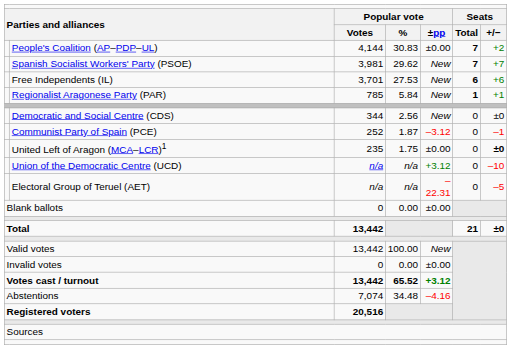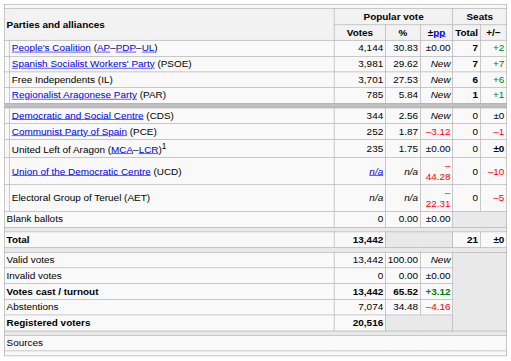 <table class="wikitable" style="text-align:right;">
 <tr>
 <td colspan="7"></td>
 </tr>
 <tr>
 <th style="text-align:left;" rowspan="2" colspan="2" width="525">Parties and alliances</th>
 <th colspan="3">Popular vote</th>
 <th colspan="2">Seats</th>
 </tr>
 <tr>
 <th width="75">Votes</th>
 <th width="45">%</th>
 <th width="45">±<a href='#'>pp</a></th>
 <th width="35">Total</th>
 <th width="35">+/−</th>
 </tr>
 <tr>
 <td width="1" style="color:inherit;background:"></td>
 <td align="left"><a href='#'>People's Coalition</a> (<a href='#'>AP</a>–<a href='#'>PDP</a>–<a href='#'>UL</a>)</td>
 <td>4,144</td>
 <td>30.83</td>
 <td>±0.00</td>
 <td><strong>7</strong></td>
 <td style="color:green;">+2</td>
 </tr>
 <tr>
 <td style="color:inherit;background:"></td>
 <td align="left"><a href='#'>Spanish Socialist Workers' Party</a> (PSOE)</td>
 <td>3,981</td>
 <td>29.62</td>
 <td><em>New</em></td>
 <td><strong>7</strong></td>
 <td style="color:green;">+7</td>
 </tr>
 <tr>
 <td style="color:inherit;background:"></td>
 <td align="left">Free Independents (IL)</td>
 <td>3,701</td>
 <td>27.53</td>
 <td><em>New</em></td>
 <td><strong>6</strong></td>
 <td style="color:green;">+6</td>
 </tr>
 <tr>
 <td style="color:inherit;background:"></td>
 <td align="left"><a href='#'>Regionalist Aragonese Party</a> (PAR)</td>
 <td>785</td>
 <td>5.84</td>
 <td><em>New</em></td>
 <td><strong>1</strong></td>
 <td style="color:green;">+1</td>
 </tr>
 <tr>
 <td colspan="7" bgcolor="#C0C0C0"></td>
 </tr>
 <tr>
 <td style="color:inherit;background:"></td>
 <td align="left"><a href='#'>Democratic and Social Centre</a> (CDS)</td>
 <td>344</td>
 <td>2.56</td>
 <td><em>New</em></td>
 <td>0</td>
 <td>±0</td>
 </tr>
 <tr>
 <td style="color:inherit;background:"></td>
 <td align="left"><a href='#'>Communist Party of Spain</a> (PCE)</td>
 <td>252</td>
 <td>1.87</td>
 <td style="color:red;">–3.12</td>
 <td>0</td>
 <td style="color:red;">–1</td>
 </tr>
 <tr>
 <td style="color:inherit;background:"></td>
 <td align="left">United Left of Aragon (<a href='#'>MCA</a>–<a href='#'>LCR</a>)<sup>1</sup></td>
 <td>235</td>
 <td>1.75</td>
 <td>±0.00</td>
 <td>0</td>
 <td><strong>±0</strong></td>
 </tr>
 <tr>
 <td style="color:inherit;background:"></td>
 <td align="left"><a href='#'>Union of the Democratic Centre</a> (UCD)</td>
 <td><em><a href='#'>n/a</a></em></td>
 <td><em>n/a</em></td>
-<td style="color:green;">+3.12</td>
+<td style="color:red;">–44.28</td>
 <td>0</td>
 <td style="color:red;">–10</td>
 </tr>
 <tr>
 <td style="color:inherit;background:"></td>
 <td align="left">Electoral Group of Teruel (AET)</td>
 <td><em>n/a</em></td>
 <td><em>n/a</em></td>
 <td style="color:red;">–22.31</td>
 <td>0</td>
 <td style="color:red;">–5</td>
 </tr>
 <tr>
 <td align="left" colspan="2">Blank ballots</td>
 <td>0</td>
 <td>0.00</td>
 <td>±0.00</td>
 <td bgcolor="#E9E9E9" colspan="2"></td>
 </tr>
 <tr>
 <td colspan="7" bgcolor="#E9E9E9"></td>
 </tr>
 <tr style="font-weight:bold;">
 <td align="left" colspan="2">Total</td>
 <td>13,442</td>
 <td bgcolor="#E9E9E9" colspan="2"></td>
 <td>21</td>
 <td>±0</td>
 </tr>
 <tr>
 <td colspan="7" bgcolor="#E9E9E9"></td>
 </tr>
 <tr>
 <td align="left" colspan="2">Valid votes</td>
 <td>13,442</td>
 <td>100.00</td>
 <td><em>New</em></td>
 <td bgcolor="#E9E9E9" colspan="2" rowspan="5"></td>
 </tr>
 <tr>
 <td align="left" colspan="2">Invalid votes</td>
 <td>0</td>
 <td>0.00</td>
 <td>±0.00</td>
 </tr>
 <tr style="font-weight:bold;">
 <td align="left" colspan="2">Votes cast / turnout</td>
 <td>13,442</td>
 <td>65.52</td>
 <td style="color:green;">+3.12</td>
 </tr>
 <tr>
 <td align="left" colspan="2">Abstentions</td>
 <td>7,074</td>
 <td>34.48</td>
 <td style="color:red;">–4.16</td>
 </tr>
 <tr style="font-weight:bold;">
 <td align="left" colspan="2">Registered voters</td>
 <td>20,516</td>
 <td bgcolor="#E9E9E9" colspan="2"></td>
 </tr>
 <tr>
 <td colspan="7" bgcolor="#E9E9E9"></td>
 </tr>
 <tr>
 <td align="left" colspan="7">Sources</td>
 </tr>
 <tr>
 <td colspan="7" style="text-align:left; max-width:790px;"></td>
 </tr>
 </table>
